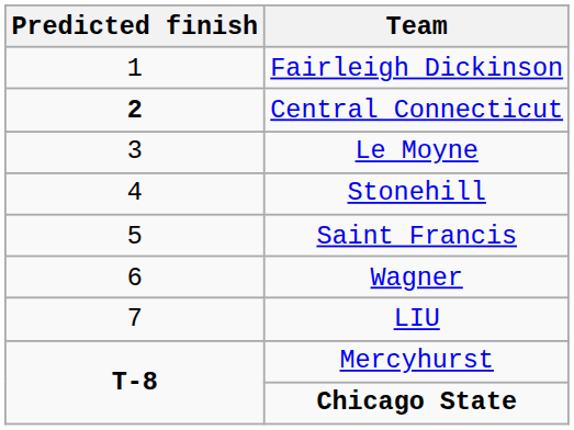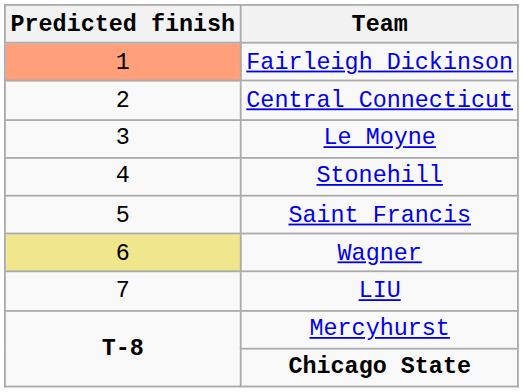 <table class="wikitable" border="1">
 <tr align=center>
 <th style= >Predicted finish</th>
 <th style= >Team</th>
 </tr>
 <tr align="center">
-<td>1</td>
+<td style="background: lightsalmon;">1</td>
 <td><a href='#'>Fairleigh Dickinson</a></td>
 </tr>
 <tr align="center">
-<td><strong>2</strong></td>
+<td>2</td>
 <td><a href='#'>Central Connecticut</a></td>
 </tr>
 <tr align="center">
 <td>3</td>
 <td><a href='#'>Le Moyne</a></td>
 </tr>
 <tr align="center">
 <td>4</td>
 <td><a href='#'>Stonehill</a></td>
 </tr>
 <tr align="center">
 <td>5</td>
 <td><a href='#'>Saint Francis</a></td>
 </tr>
 <tr align="center">
-<td>6</td>
+<td style="background: khaki;">6</td>
 <td><a href='#'>Wagner</a></td>
 </tr>
 <tr align="center">
 <td>7</td>
 <td><a href='#'>LIU</a></td>
 </tr>
 <tr align="center">
 <td rowspan=2><strong>T-8</strong></td>
 <td><a href='#'>Mercyhurst</a></td>
 </tr>
 <tr align="center">
 <td><strong>Chicago State</strong></td>
 </tr>
 </table>
